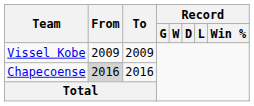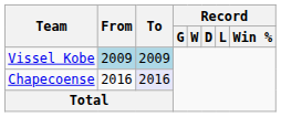 <table class="wikitable" style="text-align:center">
 <tr>
 <th rowspan="2">Team</th>
 <th rowspan="2">From</th>
 <th rowspan="2">To</th>
 <th colspan="5">Record</th>
 </tr>
 <tr>
 <th>G</th>
 <th>W</th>
 <th>D</th>
 <th>L</th>
 <th>Win %</th>
 </tr>
 <tr>
 <td align="left"><a href='#'>Vissel Kobe</a></td>
-<td align="left">2009</td>
-<td align="left">2009<br></td>
+<td align="left" style="background: lightblue;">2009</td>
+<td align="left" style="background: lightblue;">2009<br></td>
 </tr>
 <tr>
 <td align="left"><a href='#'>Chapecoense</a></td>
-<td align="left" style="background: lightgrey;">2016</td>
-<td align="left">2016<br></td>
+<td align="left">2016</td>
+<td align="left" style="background: lavender;">2016<br></td>
 </tr>
 <tr>
 <th colspan="3">Total<br></th>
 </tr>
 </table>
